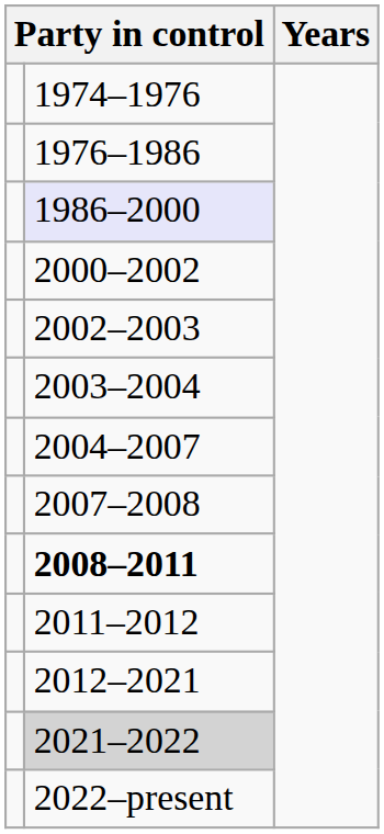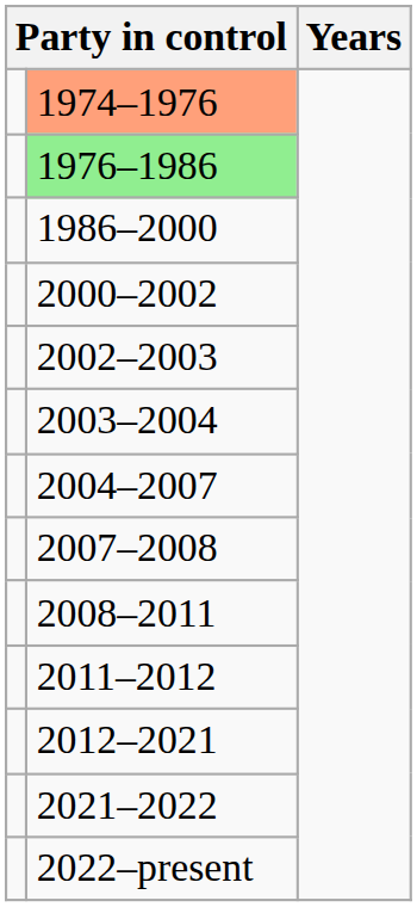 <table class="wikitable">
 <tr>
 <th colspan="2">Party in control</th>
 <th>Years</th>
 </tr>
 <tr>
 <td></td>
-<td>1974–1976</td>
+<td style="background: lightsalmon;">1974–1976</td>
 </tr>
 <tr>
 <td></td>
-<td>1976–1986</td>
+<td style="background: lightgreen;">1976–1986</td>
 </tr>
 <tr>
 <td></td>
-<td style="background: lavender;">1986–2000</td>
+<td>1986–2000</td>
 </tr>
 <tr>
 <td></td>
 <td>2000–2002</td>
 </tr>
 <tr>
 <td></td>
 <td>2002–2003</td>
 </tr>
 <tr>
 <td></td>
 <td>2003–2004</td>
 </tr>
 <tr>
 <td></td>
 <td>2004–2007</td>
 </tr>
 <tr>
 <td></td>
 <td>2007–2008</td>
 </tr>
 <tr>
 <td></td>
-<td><strong>2008–2011</strong></td>
+<td>2008–2011</td>
 </tr>
 <tr>
 <td></td>
 <td>2011–2012</td>
 </tr>
 <tr>
 <td></td>
 <td>2012–2021</td>
 </tr>
 <tr>
 <td></td>
-<td style="background: lightgrey;">2021–2022</td>
+<td>2021–2022</td>
 </tr>
 <tr>
 <td></td>
 <td>2022–present</td>
 </tr>
 </table>
